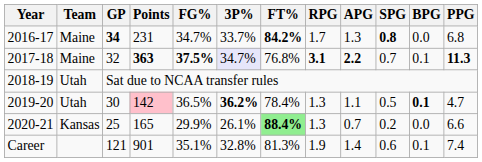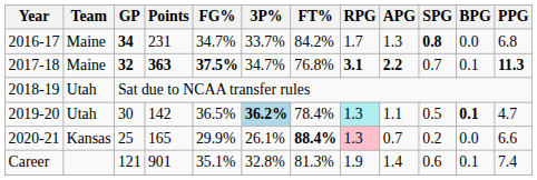 <table class="wikitable">
 <tr>
 <th>Year</th>
 <th>Team</th>
 <th>GP</th>
 <th>Points</th>
 <th>FG%</th>
 <th>3P%</th>
 <th>FT%</th>
 <th>RPG</th>
 <th>APG</th>
 <th>SPG</th>
 <th>BPG</th>
 <th>PPG</th>
 </tr>
 <tr>
 <td>2016-17</td>
 <td>Maine</td>
 <td><strong>34</strong></td>
 <td>231</td>
 <td>34.7%</td>
 <td>33.7%</td>
-<td><strong>84.2%</strong></td>
+<td>84.2%</td>
 <td>1.7</td>
 <td>1.3</td>
 <td><strong>0.8</strong></td>
 <td>0.0</td>
 <td>6.8</td>
 </tr>
 <tr>
 <td>2017-18</td>
 <td>Maine</td>
-<td>32</td>
+<td><strong>32</strong></td>
 <td><strong>363</strong></td>
 <td><strong>37.5%</strong></td>
-<td style="background: lavender;">34.7%</td>
+<td>34.7%</td>
 <td>76.8%</td>
 <td><strong>3.1</strong></td>
 <td><strong>2.2</strong></td>
 <td>0.7</td>
 <td>0.1</td>
 <td><strong>11.3</strong></td>
 </tr>
 <tr>
 <td>2018-19</td>
 <td>Utah</td>
 <td colspan="10">Sat due to NCAA transfer rules</td>
 </tr>
 <tr>
 <td>2019-20</td>
 <td>Utah</td>
 <td>30</td>
-<td style="background: pink;">142</td>
+<td>142</td>
 <td>36.5%</td>
-<td><strong>36.2%</strong></td>
+<td style="background: lightblue;"><strong>36.2%</strong></td>
 <td>78.4%</td>
-<td>1.3</td>
+<td style="background: paleturquoise;">1.3</td>
 <td>1.1</td>
 <td>0.5</td>
 <td><strong>0.1</strong></td>
 <td>4.7</td>
 </tr>
 <tr>
 <td>2020-21</td>
 <td>Kansas</td>
 <td>25</td>
 <td>165</td>
 <td>29.9%</td>
 <td>26.1%</td>
-<td style="background: lightgreen;"><strong>88.4%</strong></td>
-<td>1.3</td>
+<td><strong>88.4%</strong></td>
+<td style="background: pink;">1.3</td>
 <td>0.7</td>
 <td>0.2</td>
 <td>0.0</td>
 <td>6.6</td>
 </tr>
 <tr>
 <td>Career</td>
 <td></td>
 <td>121</td>
 <td>901</td>
 <td>35.1%</td>
 <td>32.8%</td>
 <td>81.3%</td>
 <td>1.9</td>
 <td>1.4</td>
 <td>0.6</td>
 <td>0.1</td>
 <td>7.4</td>
 </tr>
 </table>
